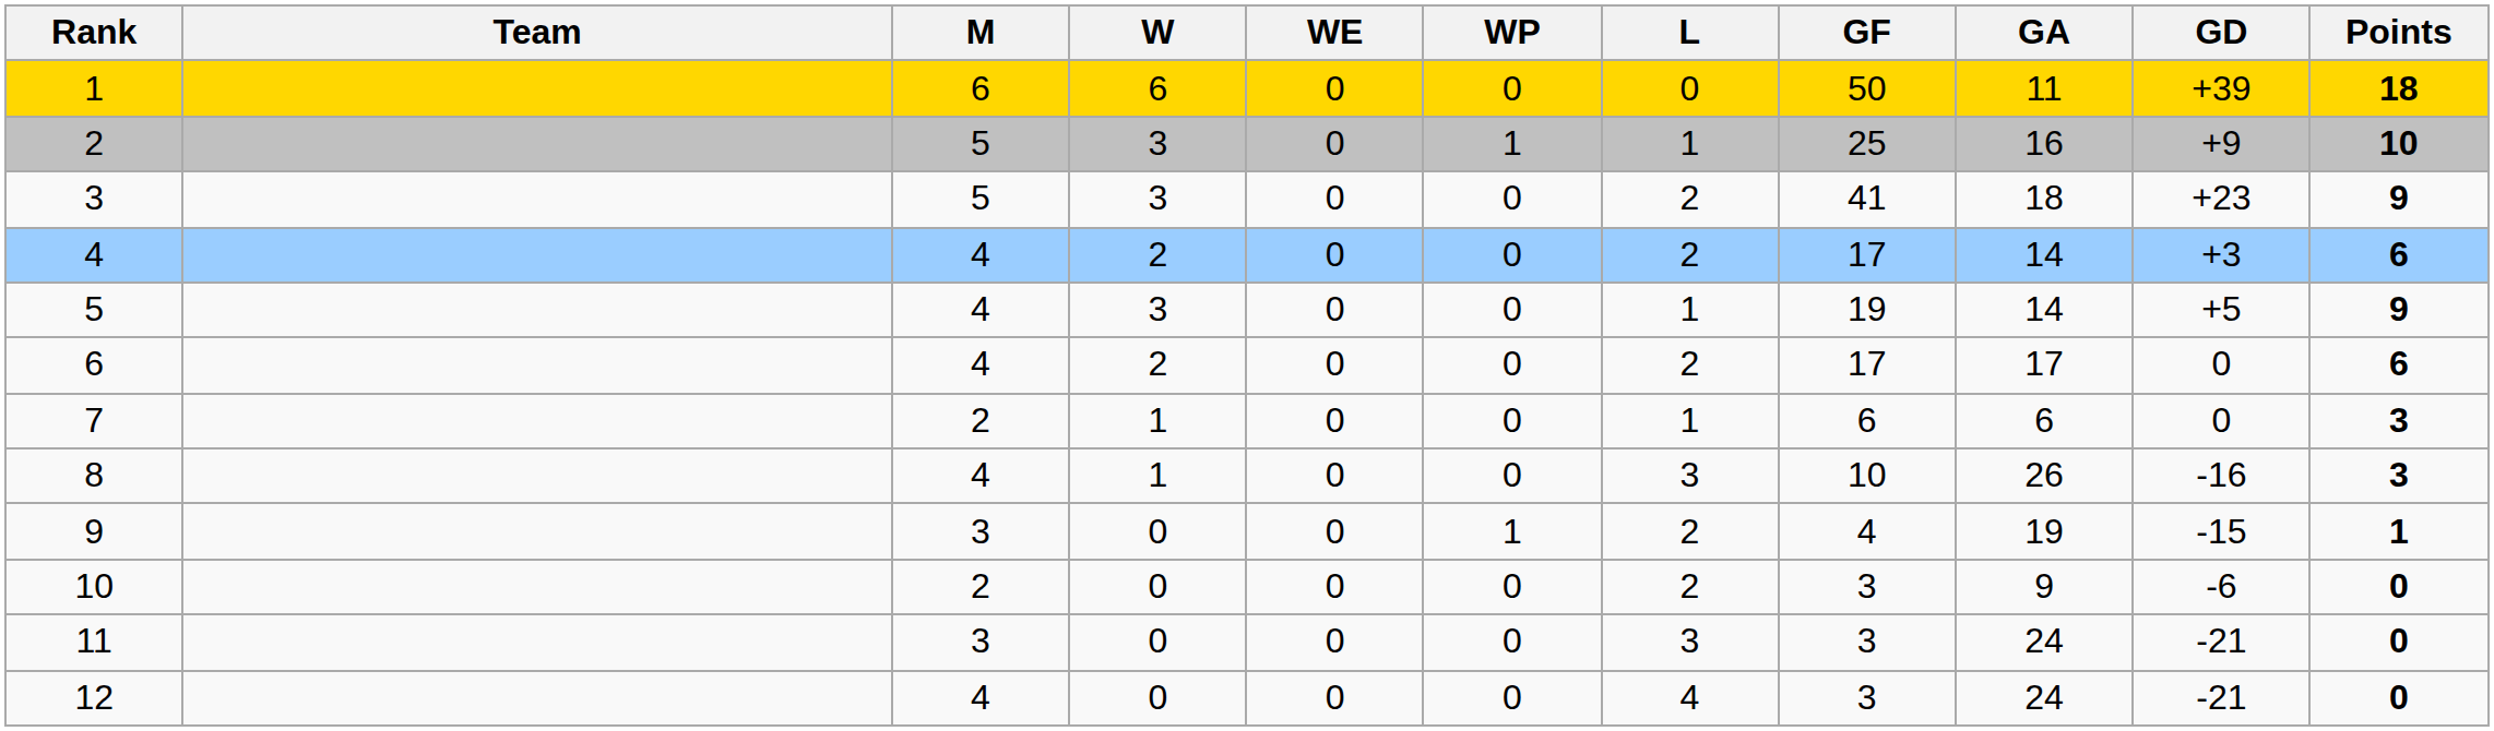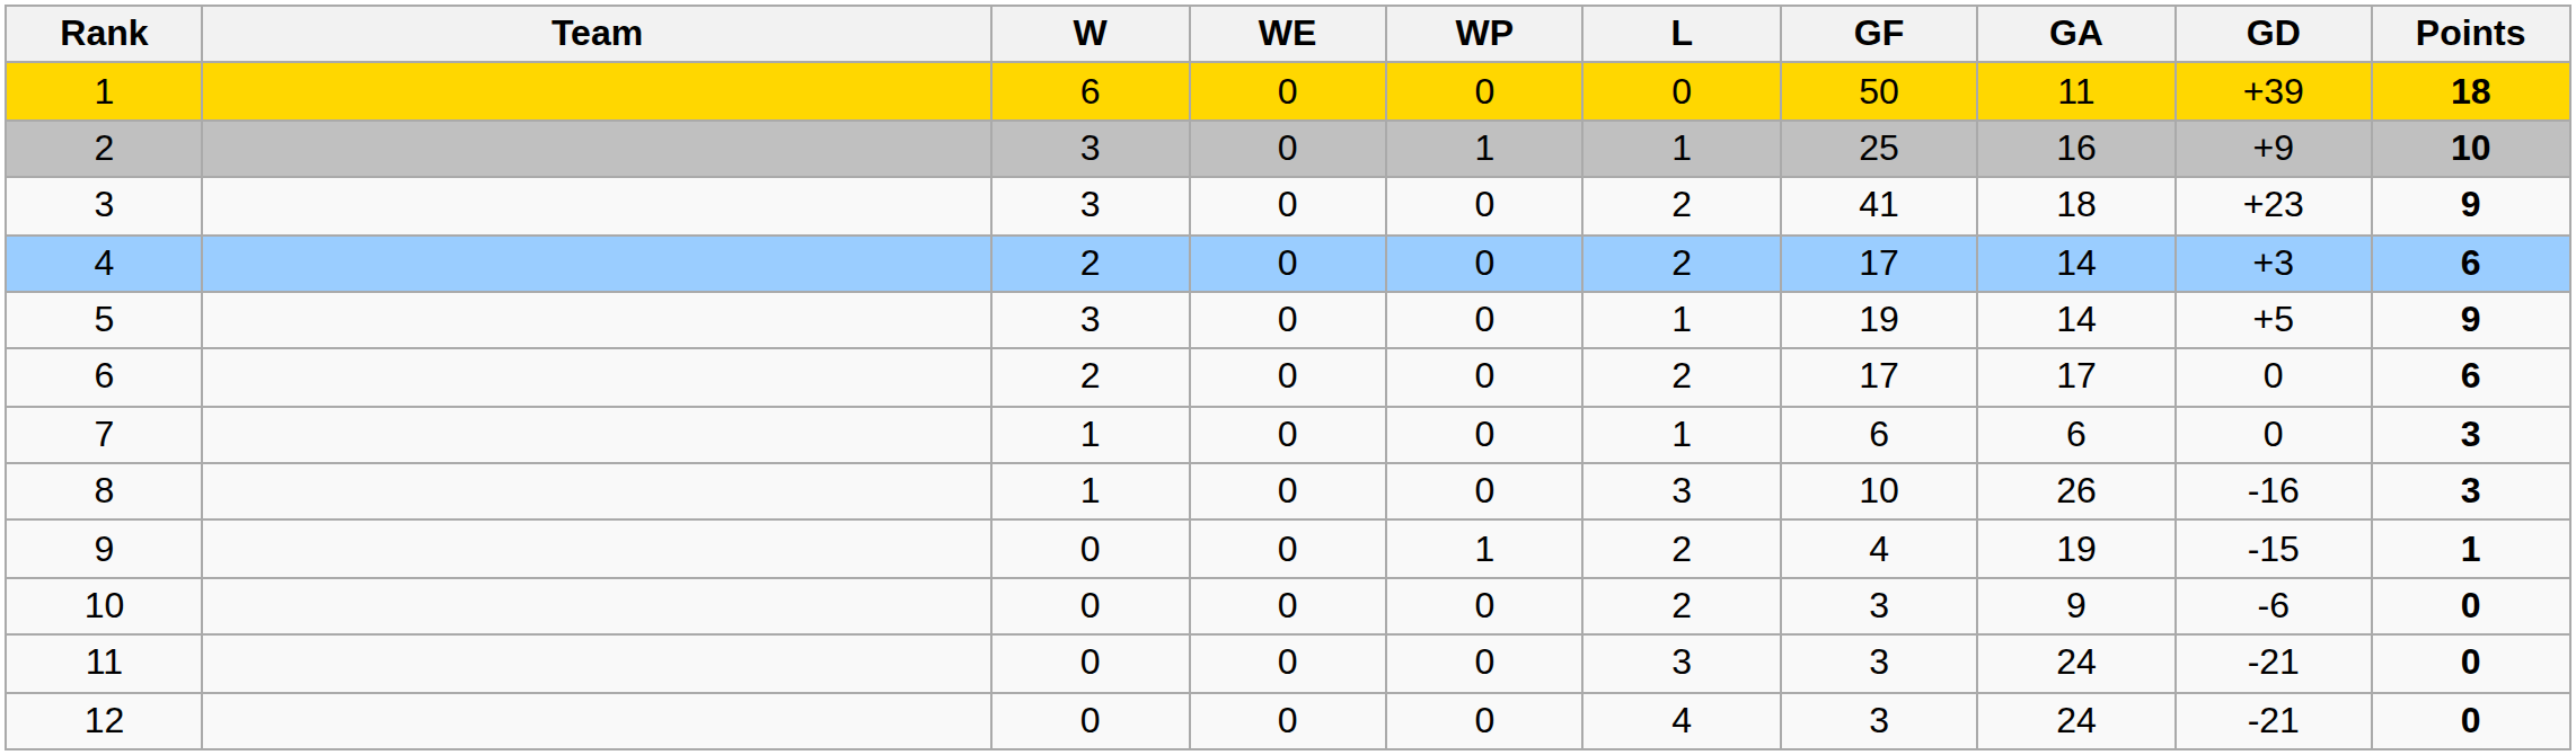 <table class="wikitable sortable" width=90% style="text-align:center">
 <tr>
 <th width=5%>Rank</th>
 <th width=20%>Team</th>
-<th width=5%>M</th>
 <th width=5%>W</th>
 <th width=5%>WE</th>
 <th width=5%>WP</th>
 <th width=5%>L</th>
 <th width=5%>GF</th>
 <th width=5%>GA</th>
 <th width=5%>GD</th>
 <th width=5%>Points</th>
 </tr>
 <tr bgcolor=gold>
 <td>1</td>
 <td style=text-align:left;></td>
 <td>6</td>
-<td>6</td>
 <td>0</td>
 <td>0</td>
 <td>0</td>
 <td>50</td>
 <td>11</td>
 <td>+39</td>
 <td><strong>18</strong></td>
 </tr>
 <tr bgcolor="silver">
 <td>2</td>
 <td style=text-align:left;></td>
-<td>5</td>
 <td>3</td>
 <td>0</td>
 <td>1</td>
 <td>1</td>
 <td>25</td>
 <td>16</td>
 <td>+9</td>
 <td><strong>10</strong></td>
 </tr>
 <tr -bgcolor="#cc9966">
 <td>3</td>
 <td style=text-align:left;></td>
-<td>5</td>
 <td>3</td>
 <td>0</td>
 <td>0</td>
 <td>2</td>
 <td>41</td>
 <td>18</td>
 <td>+23</td>
 <td><strong>9</strong></td>
 </tr>
 <tr bgcolor=#9acdff>
 <td>4</td>
 <td style="text-align:left;"></td>
-<td>4</td>
 <td>2</td>
 <td>0</td>
 <td>0</td>
 <td>2</td>
 <td>17</td>
 <td>14</td>
 <td>+3</td>
 <td><strong>6</strong></td>
 </tr>
 <tr>
 <td>5</td>
 <td style=text-align:left;></td>
-<td>4</td>
 <td>3</td>
 <td>0</td>
 <td>0</td>
 <td>1</td>
 <td>19</td>
 <td>14</td>
 <td>+5</td>
 <td><strong>9</strong></td>
 </tr>
 <tr>
 <td>6</td>
 <td style=text-align:left;></td>
-<td>4</td>
 <td>2</td>
 <td>0</td>
 <td>0</td>
 <td>2</td>
 <td>17</td>
 <td>17</td>
 <td>0</td>
 <td><strong>6</strong></td>
 </tr>
 <tr>
 <td>7</td>
 <td style=text-align:left;></td>
-<td>2</td>
 <td>1</td>
 <td>0</td>
 <td>0</td>
 <td>1</td>
 <td>6</td>
 <td>6</td>
 <td>0</td>
 <td><strong>3</strong></td>
 </tr>
 <tr>
 <td>8</td>
 <td style=text-align:left;></td>
-<td>4</td>
 <td>1</td>
 <td>0</td>
 <td>0</td>
 <td>3</td>
 <td>10</td>
 <td>26</td>
 <td>-16</td>
 <td><strong>3</strong></td>
 </tr>
 <tr>
 <td>9</td>
 <td style=text-align:left;></td>
-<td>3</td>
 <td>0</td>
 <td>0</td>
 <td>1</td>
 <td>2</td>
 <td>4</td>
 <td>19</td>
 <td>-15</td>
 <td><strong>1</strong></td>
 </tr>
 <tr>
 <td>10</td>
 <td style=text-align:left;></td>
-<td>2</td>
 <td>0</td>
 <td>0</td>
 <td>0</td>
 <td>2</td>
 <td>3</td>
 <td>9</td>
 <td>-6</td>
 <td><strong>0</strong></td>
 </tr>
 <tr>
 <td>11</td>
 <td style=text-align:left;></td>
-<td>3</td>
 <td>0</td>
 <td>0</td>
 <td>0</td>
 <td>3</td>
 <td>3</td>
 <td>24</td>
 <td>-21</td>
 <td><strong>0</strong></td>
 </tr>
 <tr>
 <td>12</td>
 <td style=text-align:left;></td>
-<td>4</td>
 <td>0</td>
 <td>0</td>
 <td>0</td>
 <td>4</td>
 <td>3</td>
 <td>24</td>
 <td>-21</td>
 <td><strong>0</strong></td>
 </tr>
 </table>
